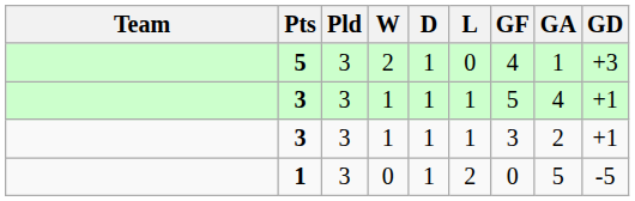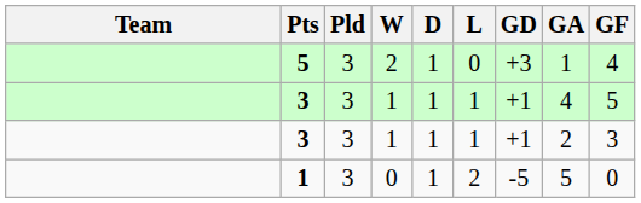 <table class="wikitable" style="text-align: center;">
 <tr>
 <th width=175>Team</th>
 <th width=20>Pts</th>
 <th width=20>Pld</th>
 <th width=20>W</th>
 <th width=20>D</th>
 <th width=20>L</th>
+<th width=20>GD</th>
+<th width=20>GA</th>
 <th width=20>GF</th>
-<th width=20>GA</th>
-<th width=20>GD</th>
 </tr>
 <tr bgcolor=ccffcc>
 <td align=left></td>
 <td><strong>5</strong></td>
 <td>3</td>
 <td>2</td>
 <td>1</td>
 <td>0</td>
+<td>+3</td>
+<td>1</td>
 <td>4</td>
-<td>1</td>
-<td>+3</td>
 </tr>
 <tr bgcolor=ccffcc>
 <td align=left></td>
 <td><strong>3</strong></td>
 <td>3</td>
 <td>1</td>
 <td>1</td>
 <td>1</td>
+<td>+1</td>
+<td>4</td>
 <td>5</td>
-<td>4</td>
-<td>+1</td>
 </tr>
 <tr>
 <td align=left></td>
 <td><strong>3</strong></td>
 <td>3</td>
 <td>1</td>
 <td>1</td>
 <td>1</td>
+<td>+1</td>
+<td>2</td>
 <td>3</td>
-<td>2</td>
-<td>+1</td>
 </tr>
 <tr>
 <td align=left></td>
 <td><strong>1</strong></td>
 <td>3</td>
 <td>0</td>
 <td>1</td>
 <td>2</td>
+<td>-5</td>
+<td>5</td>
 <td>0</td>
-<td>5</td>
-<td>-5</td>
 </tr>
 </table>
